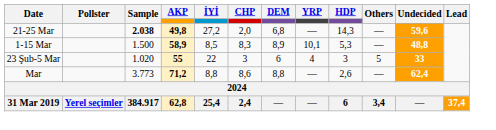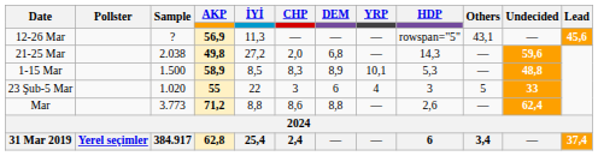 <table class="wikitable mw-collapsible" style="text-align:center; font-size:85%; line-height:14px;">
 <tr>
 <th rowspan="2">Date</th>
 <th rowspan="2">Pollster</th>
 <th rowspan="2">Sample</th>
 <th style="width:3em;"><a href='#'>AKP</a></th>
 <th style="width:3em;"><a href='#'>İYİ</a></th>
 <th style="width:3em;"><a href='#'>CHP</a></th>
 <th style="width:3em;"><a href='#'>DEM</a></th>
 <th style="width:3em;"><a href='#'>YRP</a></th>
 <th style="width:3em;"><a href='#'>HDP</a></th>
 <th rowspan="2">Others</th>
 <th rowspan="2">Undecided</th>
 <th rowspan="2">Lead</th>
 </tr>
 <tr>
 <th style="background:#fda000;"></th>
 <th style="background:#0099cc;"></th>
 <th style="background:#d40000;"></th>
 <th style="background:#734B9C;"></th>
 <th style="background:#414042;"></th>
 <th style="background:#734B9C;"></th>
 </tr>
 <tr>
+<td>12-26 Mar</td>
+<td></td>
+<td>?</td>
+<td style="background:#FFF1C4"><strong>56,9</strong></td>
+<td>11,3</td>
+<td>—</td>
+<td>—</td>
+<td>—</td>
+<td>rowspan="5" </td>
+<td>43,1</td>
+<td>—</td>
+<th style="background:#fda000; color:white;">45,6</th>
+</tr>
+<tr>
 <td>21-25 Mar</td>
 <td></td>
-<td><strong>2.038</strong></td>
+<td>2.038</td>
 <td style="background:#FFF1C4"><strong>49,8</strong></td>
 <td>27,2</td>
 <td>2,0</td>
 <td>6,8</td>
 <td>—</td>
 <td>14,3</td>
 <td>—</td>
 <th style="background:#fda000; color:white;">59,6</th>
 </tr>
 <tr>
 <td>1-15 Mar</td>
 <td></td>
 <td>1.500</td>
 <td style="background:#FFF1C4"><strong>58,9</strong></td>
 <td>8,5</td>
 <td>8,3</td>
 <td>8,9</td>
 <td>10,1</td>
 <td>5,3</td>
 <td>—</td>
 <th style="background:#fda000; color:white;">48,8</th>
 </tr>
 <tr>
 <td>23 Şub-5 Mar</td>
 <td></td>
 <td>1.020</td>
 <th style="background:#FFF1C4">55</th>
 <td>22</td>
 <td>3</td>
 <td>6</td>
 <td>4</td>
 <td>3</td>
 <td>5</td>
 <th style="background:#fda000; color:white;">33</th>
 </tr>
 <tr>
 <td>Mar</td>
 <td></td>
 <td>3.773</td>
 <th style="background:#FFF1C4">71,2</th>
 <td>8,8</td>
 <td>8,6</td>
 <td>8,8</td>
 <td>—</td>
 <td>2,6</td>
 <td>—</td>
 <th style="background:#fda000; color:white;">62,4</th>
 </tr>
 <tr>
 <th colspan="12">2024</th>
 </tr>
 <tr>
 <th>31 Mar 2019</th>
 <th><a href='#'>Yerel seçimler</a></th>
 <th>384.917</th>
 <th style="background:#FFF1C4"><strong>62,8</strong></th>
 <th>25,4</th>
 <th>2,4</th>
 <th>—</th>
 <th>—</th>
 <th>6</th>
 <th>3,4</th>
 <th>—</th>
 <th style="background:#fda000; color:white;">37,4</th>
 </tr>
 </table>
